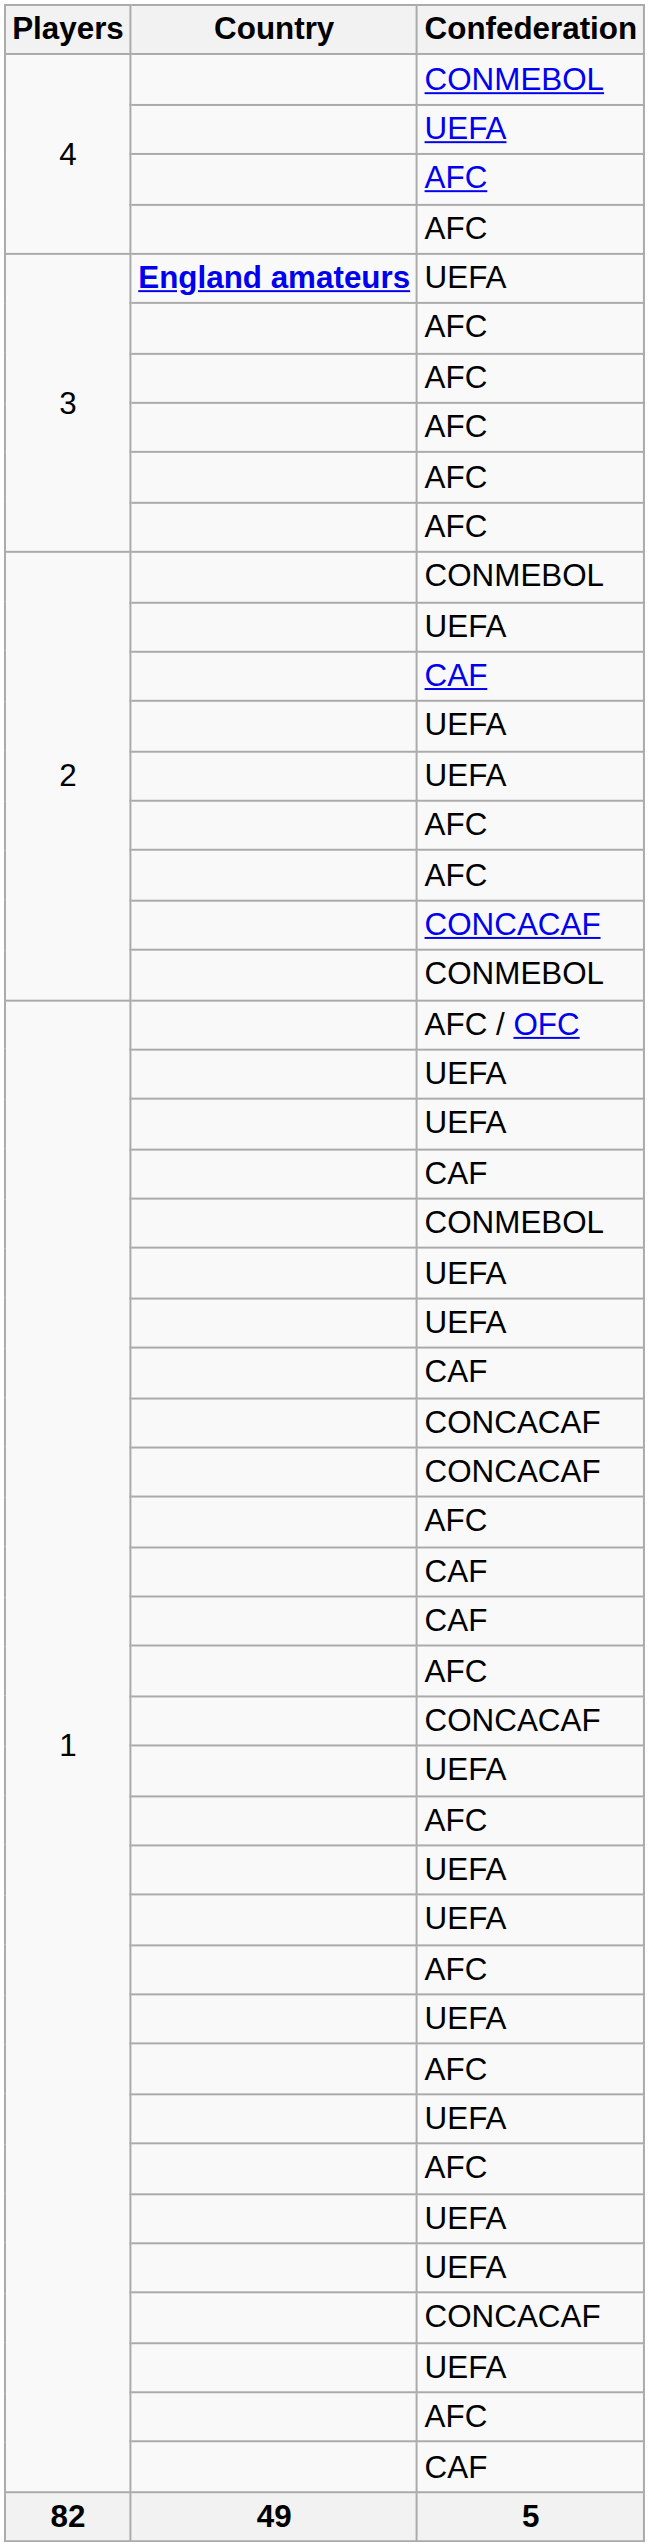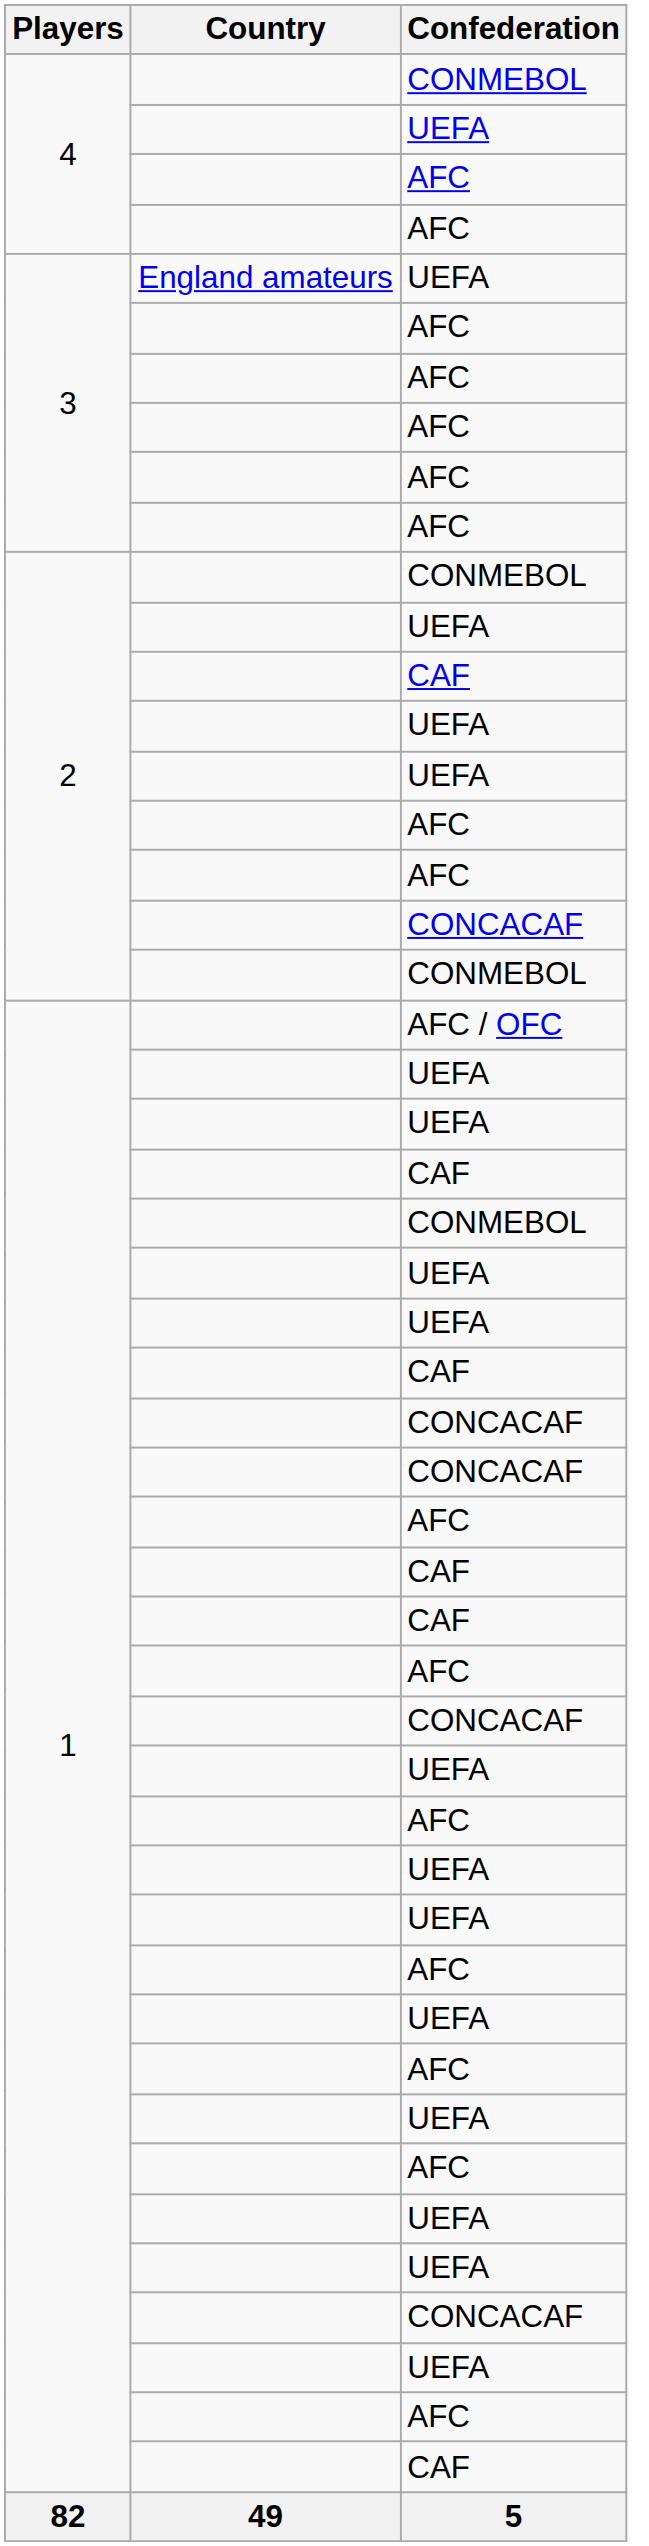 <table class="wikitable sortable">
 <tr>
 <th scope=col data-sort-type="number">Players</th>
 <th scope=col>Country</th>
 <th scope=col>Confederation</th>
 </tr>
 <tr>
 <td rowspan="4" style="text-align:center">4</td>
 <td></td>
 <td><a href='#'>CONMEBOL</a></td>
 </tr>
 <tr>
 <td></td>
 <td><a href='#'>UEFA</a></td>
 </tr>
 <tr>
 <td></td>
 <td><a href='#'>AFC</a></td>
 </tr>
 <tr>
 <td></td>
 <td>AFC</td>
 </tr>
 <tr>
 <td rowspan="6" style="text-align:center">3</td>
-<td><strong>  <a href='#'>England amateurs</a></strong></td>
+<td>  <a href='#'>England amateurs</a></td>
 <td>UEFA</td>
 </tr>
 <tr>
 <td></td>
 <td>AFC</td>
 </tr>
 <tr>
 <td></td>
 <td>AFC</td>
 </tr>
 <tr>
 <td> </td>
 <td>AFC</td>
 </tr>
 <tr>
 <td></td>
 <td>AFC</td>
 </tr>
 <tr>
 <td></td>
 <td>AFC</td>
 </tr>
 <tr>
 <td rowspan="9" style= text-align:center>2</td>
 <td></td>
 <td>CONMEBOL</td>
 </tr>
 <tr>
 <td></td>
 <td>UEFA</td>
 </tr>
 <tr>
 <td></td>
 <td><a href='#'>CAF</a></td>
 </tr>
 <tr>
 <td></td>
 <td>UEFA</td>
 </tr>
 <tr>
 <td> </td>
 <td>UEFA</td>
 </tr>
 <tr>
 <td></td>
 <td>AFC</td>
 </tr>
 <tr>
 <td></td>
 <td>AFC</td>
 </tr>
 <tr>
 <td></td>
 <td><a href='#'>CONCACAF</a></td>
 </tr>
 <tr>
 <td></td>
 <td>CONMEBOL</td>
 </tr>
 <tr>
 <td rowspan="30" style= text-align:center>1</td>
 <td></td>
 <td>AFC / <a href='#'>OFC</a></td>
 </tr>
 <tr>
 <td></td>
 <td>UEFA</td>
 </tr>
 <tr>
 <td></td>
 <td>UEFA</td>
 </tr>
 <tr>
 <td></td>
 <td>CAF</td>
 </tr>
 <tr>
 <td></td>
 <td>CONMEBOL</td>
 </tr>
 <tr>
 <td></td>
 <td>UEFA</td>
 </tr>
 <tr>
 <td></td>
 <td>UEFA</td>
 </tr>
 <tr>
 <td></td>
 <td>CAF</td>
 </tr>
 <tr>
 <td></td>
 <td>CONCACAF</td>
 </tr>
 <tr>
 <td></td>
 <td>CONCACAF</td>
 </tr>
 <tr>
 <td></td>
 <td>AFC</td>
 </tr>
 <tr>
 <td></td>
 <td>CAF</td>
 </tr>
 <tr>
 <td></td>
 <td>CAF</td>
 </tr>
 <tr>
 <td></td>
 <td>AFC</td>
 </tr>
 <tr>
 <td></td>
 <td>CONCACAF</td>
 </tr>
 <tr>
 <td></td>
 <td>UEFA</td>
 </tr>
 <tr>
 <td></td>
 <td>AFC</td>
 </tr>
 <tr>
 <td></td>
 <td>UEFA</td>
 </tr>
 <tr>
 <td></td>
 <td>UEFA</td>
 </tr>
 <tr>
 <td></td>
 <td>AFC</td>
 </tr>
 <tr>
 <td></td>
 <td>UEFA</td>
 </tr>
 <tr>
 <td></td>
 <td>AFC</td>
 </tr>
 <tr>
 <td></td>
 <td>UEFA</td>
 </tr>
 <tr>
 <td></td>
 <td>AFC</td>
 </tr>
 <tr>
 <td></td>
 <td>UEFA</td>
 </tr>
 <tr>
 <td></td>
 <td>UEFA</td>
 </tr>
 <tr>
 <td></td>
 <td>CONCACAF</td>
 </tr>
 <tr>
 <td></td>
 <td>UEFA</td>
 </tr>
 <tr>
 <td></td>
 <td>AFC</td>
 </tr>
 <tr>
 <td></td>
 <td>CAF</td>
 </tr>
 <tr>
 <th>82</th>
 <th>49</th>
 <th>5</th>
 </tr>
 </table>
